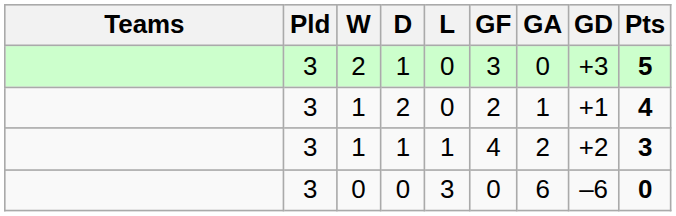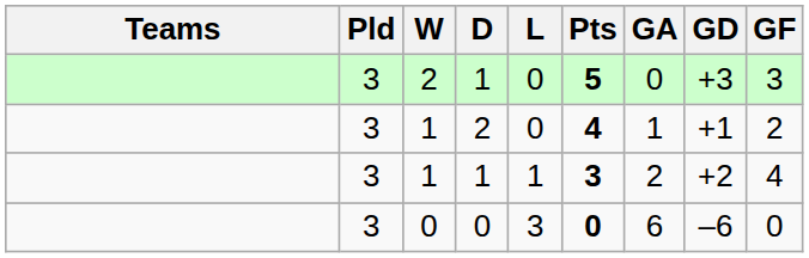 <table class="wikitable" style="text-align: center;">
 <tr>
 <th width=165>Teams</th>
 <th width=20>Pld</th>
 <th width=20>W</th>
 <th width=20>D</th>
 <th width=20>L</th>
-<th width=20>GF</th>
+<th width=20>Pts</th>
 <th width=20>GA</th>
 <th width=20>GD</th>
-<th width=20>Pts</th>
+<th width=20>GF</th>
 </tr>
 <tr align=center style="background:#ccffcc;">
 <td style="text-align:left;"></td>
 <td>3</td>
 <td>2</td>
 <td>1</td>
 <td>0</td>
-<td>3</td>
+<td><strong>5</strong></td>
 <td>0</td>
 <td>+3</td>
-<td><strong>5</strong></td>
+<td>3</td>
 </tr>
 <tr align=center>
 <td style="text-align:left;"></td>
 <td>3</td>
 <td>1</td>
 <td>2</td>
 <td>0</td>
-<td>2</td>
+<td><strong>4</strong></td>
 <td>1</td>
 <td>+1</td>
-<td><strong>4</strong></td>
+<td>2</td>
 </tr>
 <tr align=center>
 <td style="text-align:left;"></td>
 <td>3</td>
 <td>1</td>
 <td>1</td>
 <td>1</td>
-<td>4</td>
+<td><strong>3</strong></td>
 <td>2</td>
 <td>+2</td>
-<td><strong>3</strong></td>
+<td>4</td>
 </tr>
 <tr align=center>
 <td style="text-align:left;"></td>
 <td>3</td>
 <td>0</td>
 <td>0</td>
 <td>3</td>
-<td>0</td>
+<td><strong>0</strong></td>
 <td>6</td>
 <td>–6</td>
-<td><strong>0</strong></td>
+<td>0</td>
 </tr>
 </table>
